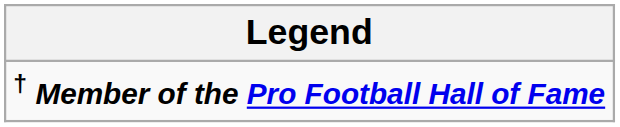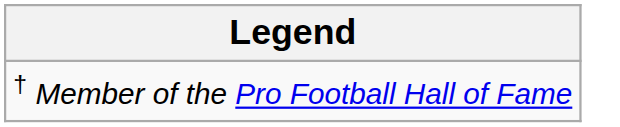 <table class="wikitable">
 <tr>
 <th>Legend</th>
 </tr>
 <tr>
-<td><strong><small><sup>†</sup> <em>Member of the <a href='#'>Pro Football Hall of Fame</a></em></small></strong></td>
+<td><small><sup>†</sup> <em>Member of the <a href='#'>Pro Football Hall of Fame</a></em></small></td>
 </tr>
 </table>
